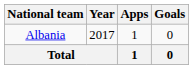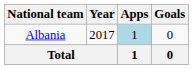 <table class="wikitable" style="text-align:center">
 <tr>
 <th>National team</th>
 <th>Year</th>
 <th>Apps</th>
 <th>Goals</th>
 </tr>
 <tr>
 <td><a href='#'>Albania</a></td>
 <td>2017</td>
-<td>1</td>
+<td style="background: lightblue;">1</td>
 <td>0</td>
 </tr>
 <tr>
 <th colspan="2">Total</th>
 <th>1</th>
 <th>0</th>
 </tr>
 </table>
